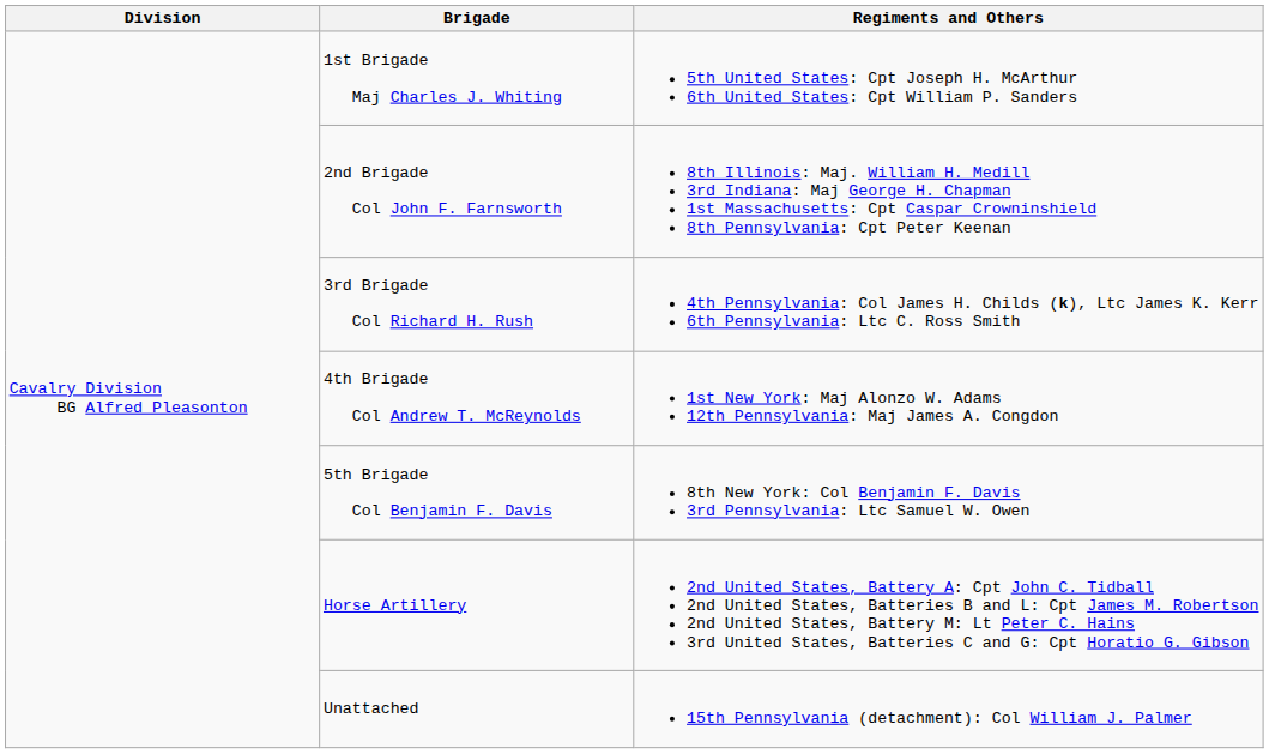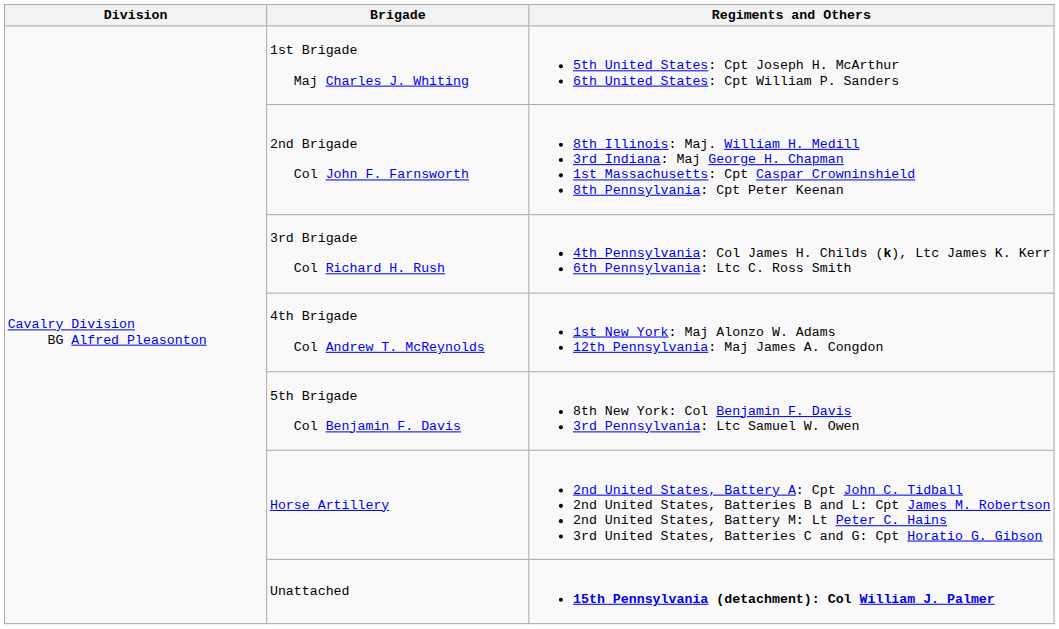 <table class="wikitable">
 <tr>
 <th width=25%>Division</th>
 <th width=25%>Brigade</th>
 <th>Regiments and Others</th>
 </tr>
 <tr>
 <td rowspan=7><br><a href='#'>Cavalry Division</a> <br>     BG <a href='#'>Alfred Pleasonton</a></td>
 <td>1st Brigade<br><br>   Maj <a href='#'>Charles J. Whiting</a></td>
 <td><br><ul><li><a href='#'>5th United States</a>: Cpt Joseph H. McArthur</li><li><a href='#'>6th United States</a>: Cpt William P. Sanders</li></ul></td>
 </tr>
 <tr>
 <td>2nd Brigade<br><br>   Col <a href='#'>John F. Farnsworth</a></td>
 <td><br><ul><li><a href='#'>8th Illinois</a>: Maj. <a href='#'>William H. Medill</a></li><li><a href='#'>3rd Indiana</a>: Maj <a href='#'>George H. Chapman</a></li><li><a href='#'>1st Massachusetts</a>: Cpt <a href='#'>Caspar Crowninshield</a></li><li><a href='#'>8th Pennsylvania</a>: Cpt Peter Keenan</li></ul></td>
 </tr>
 <tr>
 <td>3rd Brigade<br><br>   Col <a href='#'>Richard H. Rush</a></td>
 <td><br><ul><li><a href='#'>4th Pennsylvania</a>: Col James H. Childs (<strong>k</strong>), Ltc James K. Kerr</li><li><a href='#'>6th Pennsylvania</a>: Ltc C. Ross Smith</li></ul></td>
 </tr>
 <tr>
 <td>4th Brigade<br><br>   Col <a href='#'>Andrew T. McReynolds</a></td>
 <td><br><ul><li><a href='#'>1st New York</a>: Maj Alonzo W. Adams</li><li><a href='#'>12th Pennsylvania</a>: Maj James A. Congdon</li></ul></td>
 </tr>
 <tr>
 <td>5th Brigade<br><br>   Col <a href='#'>Benjamin F. Davis</a></td>
 <td><br><ul><li>8th New York: Col <a href='#'>Benjamin F. Davis</a></li><li><a href='#'>3rd Pennsylvania</a>: Ltc Samuel W. Owen</li></ul></td>
 </tr>
 <tr>
 <td><a href='#'>Horse Artillery</a></td>
 <td><br><ul><li><a href='#'>2nd United States, Battery A</a>: Cpt <a href='#'>John C. Tidball</a></li><li>2nd United States, Batteries B and L: Cpt <a href='#'>James M. Robertson</a></li><li>2nd United States, Battery M: Lt <a href='#'>Peter C. Hains</a></li><li>3rd United States, Batteries C and G: Cpt <a href='#'>Horatio G. Gibson</a></li></ul></td>
 </tr>
 <tr>
 <td>Unattached</td>
-<td><br><ul><li><a href='#'>15th Pennsylvania</a> (detachment): Col <a href='#'>William J. Palmer</a></li></ul></td>
+<td><strong><br><ul><li><a href='#'>15th Pennsylvania</a> (detachment): Col <a href='#'>William J. Palmer</a></li></ul></strong></td>
 </tr>
 </table>
